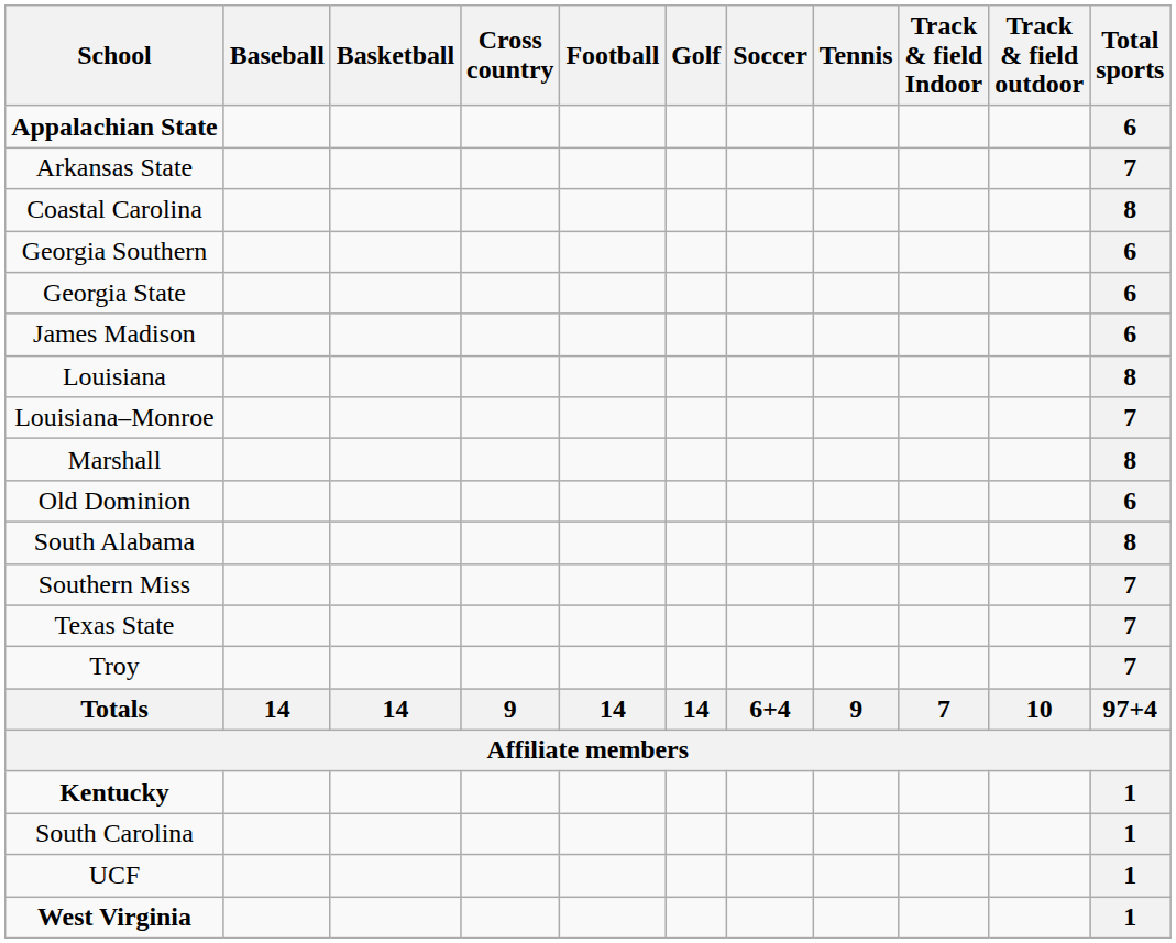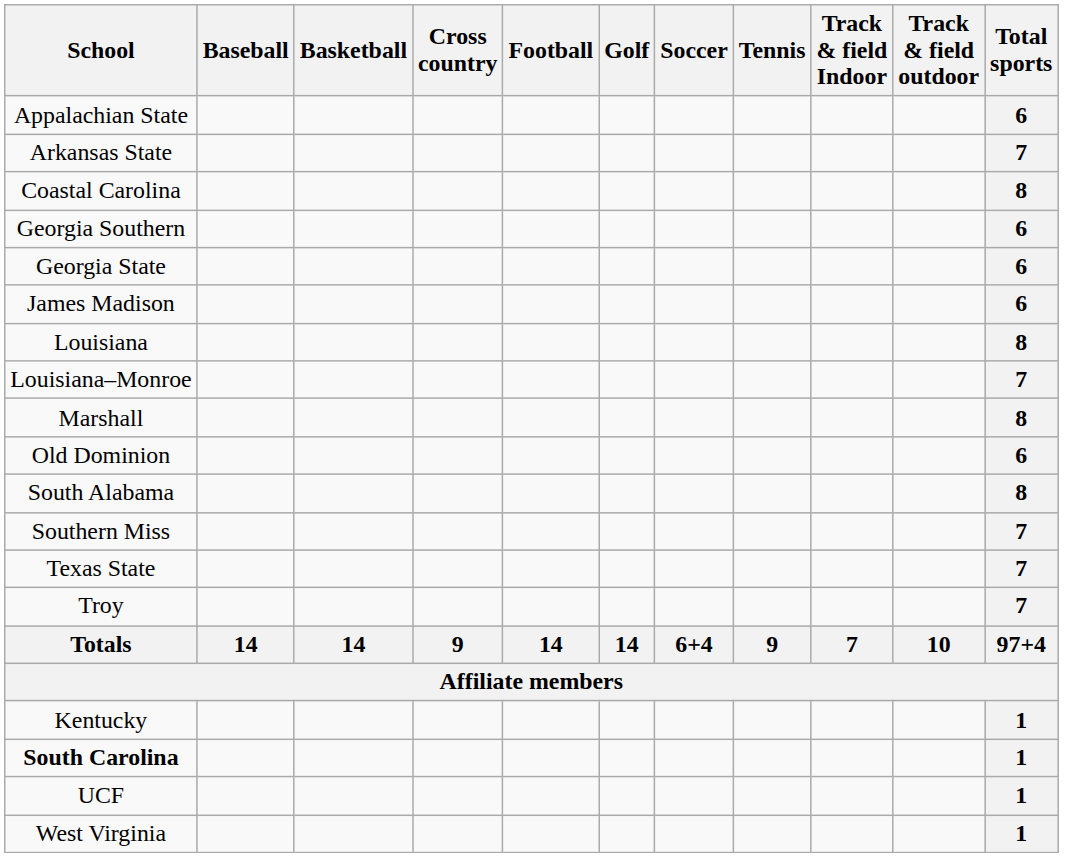 <table class="wikitable" style="text-align:center">
 <tr>
 <th>School</th>
 <th>Baseball</th>
 <th>Basketball</th>
 <th>Cross<br>country</th>
 <th>Football</th>
 <th>Golf</th>
 <th>Soccer</th>
 <th>Tennis</th>
 <th>Track<br>& field<br>Indoor</th>
 <th>Track<br>& field<br>outdoor</th>
 <th>Total<br>sports</th>
 </tr>
 <tr>
-<td><strong>Appalachian State</strong></td>
+<td>Appalachian State</td>
 <td></td>
 <td></td>
 <td></td>
 <td></td>
 <td></td>
 <td></td>
 <td></td>
 <td></td>
 <td></td>
 <th>6</th>
 </tr>
 <tr>
 <td>Arkansas State</td>
 <td></td>
 <td></td>
 <td></td>
 <td></td>
 <td></td>
 <td></td>
 <td></td>
 <td></td>
 <td></td>
 <th>7</th>
 </tr>
 <tr>
 <td>Coastal Carolina</td>
 <td></td>
 <td></td>
 <td></td>
 <td></td>
 <td></td>
 <td></td>
 <td></td>
 <td></td>
 <td></td>
 <th>8</th>
 </tr>
 <tr>
 <td>Georgia Southern</td>
 <td></td>
 <td></td>
 <td></td>
 <td></td>
 <td></td>
 <td></td>
 <td></td>
 <td></td>
 <td></td>
 <th>6</th>
 </tr>
 <tr>
 <td>Georgia State</td>
 <td></td>
 <td></td>
 <td></td>
 <td></td>
 <td></td>
 <td></td>
 <td></td>
 <td></td>
 <td></td>
 <th>6</th>
 </tr>
 <tr>
 <td>James Madison</td>
 <td></td>
 <td></td>
 <td></td>
 <td></td>
 <td></td>
 <td></td>
 <td></td>
 <td></td>
 <td></td>
 <th>6</th>
 </tr>
 <tr>
 <td>Louisiana</td>
 <td></td>
 <td></td>
 <td></td>
 <td></td>
 <td></td>
 <td></td>
 <td></td>
 <td></td>
 <td></td>
 <th>8</th>
 </tr>
 <tr>
 <td>Louisiana–Monroe</td>
 <td></td>
 <td></td>
 <td></td>
 <td></td>
 <td></td>
 <td></td>
 <td></td>
 <td></td>
 <td></td>
 <th>7</th>
 </tr>
 <tr>
 <td>Marshall</td>
 <td></td>
 <td></td>
 <td></td>
 <td></td>
 <td></td>
 <td></td>
 <td></td>
 <td></td>
 <td></td>
 <th>8</th>
 </tr>
 <tr>
 <td>Old Dominion</td>
 <td></td>
 <td></td>
 <td></td>
 <td></td>
 <td></td>
 <td></td>
 <td></td>
 <td></td>
 <td></td>
 <th>6</th>
 </tr>
 <tr>
 <td>South Alabama</td>
 <td></td>
 <td></td>
 <td></td>
 <td></td>
 <td></td>
 <td></td>
 <td></td>
 <td></td>
 <td></td>
 <th>8</th>
 </tr>
 <tr>
 <td>Southern Miss</td>
 <td></td>
 <td></td>
 <td></td>
 <td></td>
 <td></td>
 <td></td>
 <td></td>
 <td></td>
 <td></td>
 <th>7</th>
 </tr>
 <tr>
 <td>Texas State</td>
 <td></td>
 <td></td>
 <td></td>
 <td></td>
 <td></td>
 <td></td>
 <td></td>
 <td></td>
 <td></td>
 <th>7</th>
 </tr>
 <tr>
 <td>Troy</td>
 <td></td>
 <td></td>
 <td></td>
 <td></td>
 <td></td>
 <td></td>
 <td></td>
 <td></td>
 <td></td>
 <th>7</th>
 </tr>
 <tr>
 <th>Totals</th>
 <th>14</th>
 <th>14</th>
 <th>9</th>
 <th>14</th>
 <th>14</th>
 <th>6+4</th>
 <th>9</th>
 <th>7</th>
 <th>10</th>
 <th>97+4</th>
 </tr>
 <tr>
 <th colspan=11>Affiliate members</th>
 </tr>
 <tr>
-<td><strong>Kentucky</strong></td>
+<td>Kentucky</td>
 <td></td>
 <td></td>
 <td></td>
 <td></td>
 <td></td>
 <td></td>
 <td></td>
 <td></td>
 <td></td>
 <th>1</th>
 </tr>
 <tr>
-<td>South Carolina</td>
+<td><strong>South Carolina</strong></td>
 <td></td>
 <td></td>
 <td></td>
 <td></td>
 <td></td>
 <td></td>
 <td></td>
 <td></td>
 <td></td>
 <th>1</th>
 </tr>
 <tr>
 <td>UCF</td>
 <td></td>
 <td></td>
 <td></td>
 <td></td>
 <td></td>
 <td></td>
 <td></td>
 <td></td>
 <td></td>
 <th>1</th>
 </tr>
 <tr>
-<td><strong>West Virginia</strong></td>
+<td>West Virginia</td>
 <td></td>
 <td></td>
 <td></td>
 <td></td>
 <td></td>
 <td></td>
 <td></td>
 <td></td>
 <td></td>
 <th>1</th>
 </tr>
 </table>
